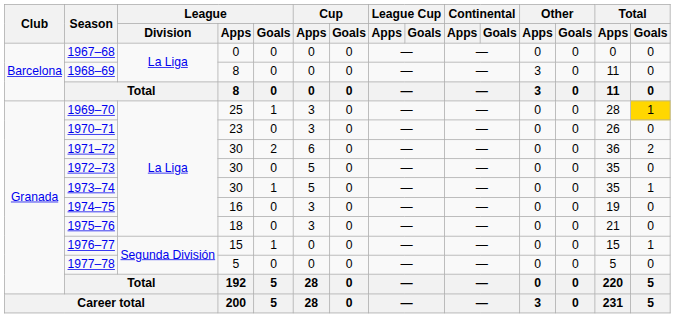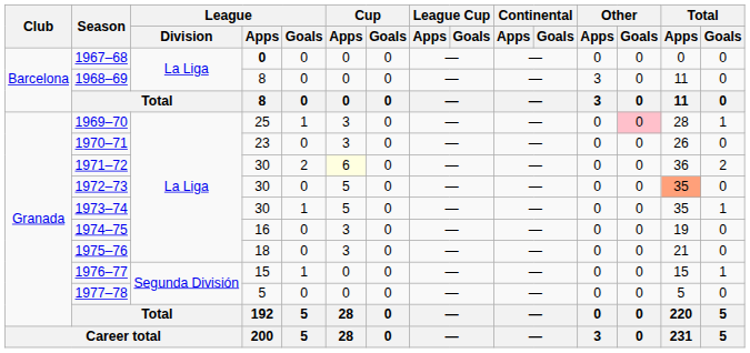 <table class="wikitable" style="text-align:center">
 <tr>
 <th rowspan="2">Club</th>
 <th rowspan="2">Season</th>
 <th colspan="3">League</th>
 <th colspan="2">Cup</th>
 <th colspan="2">League Cup</th>
 <th colspan="2">Continental</th>
 <th colspan="2">Other</th>
 <th colspan="2">Total</th>
 </tr>
 <tr>
 <th>Division</th>
 <th>Apps</th>
 <th>Goals</th>
 <th>Apps</th>
 <th>Goals</th>
 <th>Apps</th>
 <th>Goals</th>
 <th>Apps</th>
 <th>Goals</th>
 <th>Apps</th>
 <th>Goals</th>
 <th>Apps</th>
 <th>Goals</th>
 </tr>
 <tr>
 <td rowspan="3"><a href='#'>Barcelona</a></td>
 <td><a href='#'>1967–68</a></td>
 <td rowspan="2"><a href='#'>La Liga</a></td>
-<td>0</td>
+<td><strong>0</strong></td>
 <td>0</td>
 <td>0</td>
 <td>0</td>
 <td colspan="2">—</td>
 <td colspan="2">—</td>
 <td>0</td>
 <td>0</td>
 <td>0</td>
 <td>0</td>
 </tr>
 <tr>
 <td><a href='#'>1968–69</a></td>
 <td>8</td>
 <td>0</td>
 <td>0</td>
 <td>0</td>
 <td colspan="2">—</td>
 <td colspan="2">—</td>
 <td>3</td>
 <td>0</td>
 <td>11</td>
 <td>0</td>
 </tr>
 <tr>
 <th colspan="2">Total</th>
 <th>8</th>
 <th>0</th>
 <th>0</th>
 <th>0</th>
 <th colspan="2">—</th>
 <th colspan="2">—</th>
 <th>3</th>
 <th>0</th>
 <th>11</th>
 <th>0</th>
 </tr>
 <tr>
 <td rowspan="10"><a href='#'>Granada</a></td>
 <td><a href='#'>1969–70</a></td>
 <td rowspan="7"><a href='#'>La Liga</a></td>
 <td>25</td>
 <td>1</td>
 <td>3</td>
 <td>0</td>
 <td colspan="2">—</td>
 <td colspan="2">—</td>
 <td>0</td>
-<td>0</td>
+<td style="background: pink;">0</td>
 <td>28</td>
-<td style="background: gold;">1</td>
+<td>1</td>
 </tr>
 <tr>
 <td><a href='#'>1970–71</a></td>
 <td>23</td>
 <td>0</td>
 <td>3</td>
 <td>0</td>
 <td colspan="2">—</td>
 <td colspan="2">—</td>
 <td>0</td>
 <td>0</td>
 <td>26</td>
 <td>0</td>
 </tr>
 <tr>
 <td><a href='#'>1971–72</a></td>
 <td>30</td>
 <td>2</td>
-<td>6</td>
+<td style="background: lightyellow;">6</td>
 <td>0</td>
 <td colspan="2">—</td>
 <td colspan="2">—</td>
 <td>0</td>
 <td>0</td>
 <td>36</td>
 <td>2</td>
 </tr>
 <tr>
 <td><a href='#'>1972–73</a></td>
 <td>30</td>
 <td>0</td>
 <td>5</td>
 <td>0</td>
 <td colspan="2">—</td>
 <td colspan="2">—</td>
 <td>0</td>
 <td>0</td>
-<td>35</td>
+<td style="background: lightsalmon;">35</td>
 <td>0</td>
 </tr>
 <tr>
 <td><a href='#'>1973–74</a></td>
 <td>30</td>
 <td>1</td>
 <td>5</td>
 <td>0</td>
 <td colspan="2">—</td>
 <td colspan="2">—</td>
 <td>0</td>
 <td>0</td>
 <td>35</td>
 <td>1</td>
 </tr>
 <tr>
 <td><a href='#'>1974–75</a></td>
 <td>16</td>
 <td>0</td>
 <td>3</td>
 <td>0</td>
 <td colspan="2">—</td>
 <td colspan="2">—</td>
 <td>0</td>
 <td>0</td>
 <td>19</td>
 <td>0</td>
 </tr>
 <tr>
 <td><a href='#'>1975–76</a></td>
 <td>18</td>
 <td>0</td>
 <td>3</td>
 <td>0</td>
 <td colspan="2">—</td>
 <td colspan="2">—</td>
 <td>0</td>
 <td>0</td>
 <td>21</td>
 <td>0</td>
 </tr>
 <tr>
 <td><a href='#'>1976–77</a></td>
 <td rowspan="2"><a href='#'>Segunda División</a></td>
 <td>15</td>
 <td>1</td>
 <td>0</td>
 <td>0</td>
 <td colspan="2">—</td>
 <td colspan="2">—</td>
 <td>0</td>
 <td>0</td>
 <td>15</td>
 <td>1</td>
 </tr>
 <tr>
 <td><a href='#'>1977–78</a></td>
 <td>5</td>
 <td>0</td>
 <td>0</td>
 <td>0</td>
 <td colspan="2">—</td>
 <td colspan="2">—</td>
 <td>0</td>
 <td>0</td>
 <td>5</td>
 <td>0</td>
 </tr>
 <tr>
 <th colspan="2">Total</th>
 <th>192</th>
 <th>5</th>
 <th>28</th>
 <th>0</th>
 <th colspan="2">—</th>
 <th colspan="2">—</th>
 <th>0</th>
 <th>0</th>
 <th>220</th>
 <th>5</th>
 </tr>
 <tr>
 <th colspan="3">Career total</th>
 <th>200</th>
 <th>5</th>
 <th>28</th>
 <th>0</th>
 <th colspan="2">—</th>
 <th colspan="2">—</th>
 <th>3</th>
 <th>0</th>
 <th>231</th>
 <th>5</th>
 </tr>
 </table>
